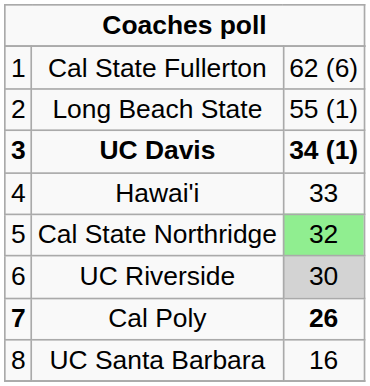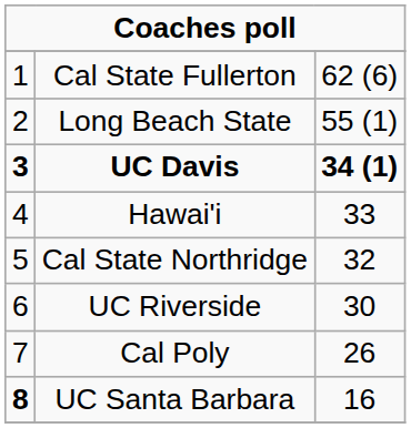 <table class="wikitable">
 <tr align="center">
 <td align="center" Colspan="3"><strong>Coaches poll</strong></td>
 </tr>
 <tr align="center">
 </tr>
 <tr align="center">
 <td>1</td>
 <td>Cal State Fullerton</td>
 <td>62 (6)</td>
 </tr>
 <tr align="center">
 <td>2</td>
 <td>Long Beach State</td>
 <td>55 (1)</td>
 </tr>
 <tr align="center">
 <td><strong>3</strong></td>
 <td><strong>UC Davis</strong></td>
 <td><strong>34 (1)</strong></td>
 </tr>
 <tr align="center">
 <td>4</td>
 <td>Hawai'i</td>
 <td>33</td>
 </tr>
 <tr align="center">
 <td>5</td>
 <td>Cal State Northridge</td>
-<td style="background: lightgreen;">32</td>
+<td>32</td>
 </tr>
 <tr align="center">
 <td>6</td>
 <td>UC Riverside</td>
-<td style="background: lightgrey;">30</td>
+<td>30</td>
 </tr>
 <tr align="center">
-<td><strong>7</strong></td>
+<td>7</td>
 <td>Cal Poly</td>
-<td><strong>26</strong></td>
+<td>26</td>
 </tr>
 <tr align="center">
-<td>8</td>
+<td><strong>8</strong></td>
 <td>UC Santa Barbara</td>
 <td>16</td>
 </tr>
 <tr align="center">
 </tr>
 </table>
